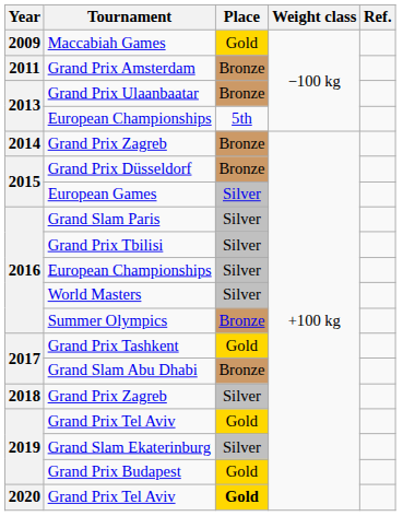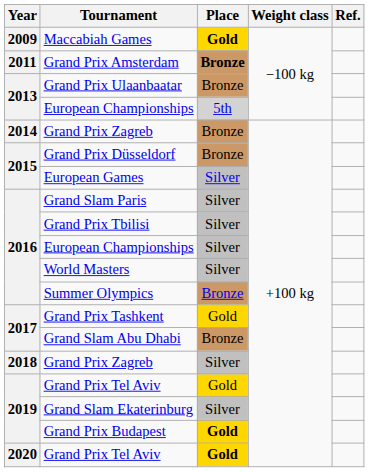 <table class="wikitable sortable" style="text-align:center;">
 <tr>
 <th>Year</th>
 <th>Tournament</th>
 <th>Place</th>
 <th>Weight class</th>
 <th>Ref.</th>
 </tr>
 <tr>
 <th>2009</th>
 <td align=left><a href='#'>Maccabiah Games</a></td>
-<td bgcolor=gold>Gold</td>
+<td bgcolor=gold><strong>Gold</strong></td>
 <td rowspan=4>−100 kg</td>
 <td></td>
 </tr>
 <tr>
 <th>2011</th>
 <td align=left><a href='#'>Grand Prix Amsterdam</a></td>
-<td bgcolor=#c96>Bronze</td>
+<td bgcolor=#c96><strong>Bronze</strong></td>
 <td></td>
 </tr>
 <tr>
 <th rowspan=2>2013</th>
 <td align=left><a href='#'>Grand Prix Ulaanbaatar</a></td>
 <td bgcolor=#c96>Bronze</td>
 <td></td>
 </tr>
 <tr>
 <td align=left><a href='#'>European Championships</a></td>
-<td><a href='#'>5th</a></td>
+<td style="background: lightgrey;"><a href='#'>5th</a></td>
 <td></td>
 </tr>
 <tr>
 <th>2014</th>
 <td align=left><a href='#'>Grand Prix Zagreb</a></td>
 <td bgcolor=#c96>Bronze</td>
 <td rowspan=15>+100 kg</td>
 <td></td>
 </tr>
 <tr>
 <th rowspan=2>2015</th>
 <td align=left><a href='#'>Grand Prix Düsseldorf</a></td>
 <td bgcolor=#c96>Bronze</td>
 <td></td>
 </tr>
 <tr>
 <td align=left><a href='#'>European Games</a></td>
 <td bgcolor=silver><a href='#'>Silver</a></td>
 <td></td>
 </tr>
 <tr>
 <th rowspan=5>2016</th>
 <td align=left><a href='#'>Grand Slam Paris</a></td>
 <td bgcolor=silver>Silver</td>
 <td></td>
 </tr>
 <tr>
 <td align=left><a href='#'>Grand Prix Tbilisi</a></td>
 <td bgcolor=silver>Silver</td>
 <td></td>
 </tr>
 <tr>
 <td align=left><a href='#'>European Championships</a></td>
 <td bgcolor=silver>Silver</td>
 <td></td>
 </tr>
 <tr>
 <td align=left><a href='#'>World Masters</a></td>
 <td bgcolor=silver>Silver</td>
 <td></td>
 </tr>
 <tr>
 <td align=left><a href='#'>Summer Olympics</a></td>
 <td bgcolor=#c96><a href='#'>Bronze</a></td>
 <td></td>
 </tr>
 <tr>
 <th rowspan=2>2017</th>
 <td align=left><a href='#'>Grand Prix Tashkent</a></td>
 <td bgcolor=gold>Gold</td>
 <td></td>
 </tr>
 <tr>
 <td align=left><a href='#'>Grand Slam Abu Dhabi</a></td>
 <td bgcolor=#c96>Bronze</td>
 <td></td>
 </tr>
 <tr>
 <th>2018</th>
 <td align=left><a href='#'>Grand Prix Zagreb</a></td>
 <td bgcolor=silver>Silver</td>
 <td></td>
 </tr>
 <tr>
 <th rowspan=3>2019</th>
 <td align=left><a href='#'>Grand Prix Tel Aviv</a></td>
 <td bgcolor=gold>Gold</td>
 <td></td>
 </tr>
 <tr>
 <td align=left><a href='#'>Grand Slam Ekaterinburg</a></td>
 <td bgcolor=silver>Silver</td>
 <td></td>
 </tr>
 <tr>
 <td align=left><a href='#'>Grand Prix Budapest</a></td>
-<td bgcolor=gold>Gold</td>
+<td bgcolor=gold><strong>Gold</strong></td>
 <td></td>
 </tr>
 <tr>
 <th>2020</th>
 <td align=left><a href='#'>Grand Prix Tel Aviv</a></td>
 <td bgcolor=gold><strong>Gold</strong></td>
 <td></td>
 </tr>
 </table>
